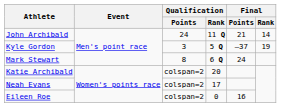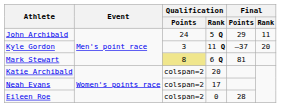 <table class="wikitable" style="font-size:90%;">
 <tr>
 <th rowspan=2>Athlete</th>
 <th rowspan=2>Event</th>
 <th colspan=2>Qualification</th>
 <th colspan=2>Final</th>
 </tr>
 <tr style="font-size:95%">
 <th>Points</th>
 <th>Rank</th>
 <th>Points</th>
 <th>Rank</th>
 </tr>
 <tr align=center>
 <td align=left><a href='#'>John Archibald</a></td>
 <td style="text-align:left;" rowspan="3"><a href='#'>Men's point race</a></td>
 <td>24</td>
-<td>11 <strong>Q</strong></td>
-<td>21</td>
-<td>14</td>
+<td>5 <strong>Q</strong></td>
+<td>29</td>
+<td>11</td>
 </tr>
 <tr align=center>
 <td align=left><a href='#'>Kyle Gordon</a></td>
 <td>3</td>
-<td>5 <strong>Q</strong></td>
+<td>11 <strong>Q</strong></td>
 <td>–37</td>
-<td>19</td>
+<td>20</td>
 </tr>
 <tr align=center>
 <td align=left><a href='#'>Mark Stewart</a></td>
-<td>8</td>
+<td style="background: khaki;">8</td>
 <td>6 <strong>Q</strong></td>
-<td>24</td>
+<td>81</td>
 <td></td>
 </tr>
 <tr align=center>
 <td align=left><a href='#'>Katie Archibald</a></td>
 <td style="text-align:left;" rowspan="3"><a href='#'>Women's points race</a></td>
 <td>colspan=2 </td>
 <td>20</td>
 <td></td>
 </tr>
 <tr align=center>
 <td align=left><a href='#'>Neah Evans</a></td>
 <td>colspan=2 </td>
 <td>17</td>
 <td></td>
 </tr>
 <tr align=center>
 <td align=left><a href='#'>Eileen Roe</a></td>
 <td>colspan=2 </td>
 <td>0</td>
-<td>16</td>
+<td>28</td>
 </tr>
 </table>
